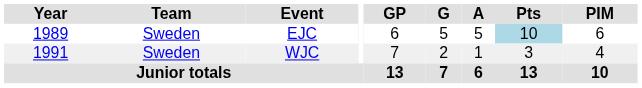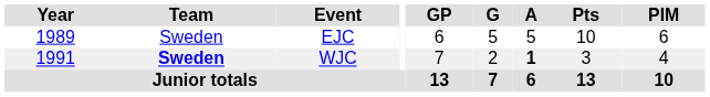 <table border="0" cellpadding="1" cellspacing="0" ID="Table3" style="text-align:center; width:40em">
 <tr bgcolor="#e0e0e0">
 <th>Year</th>
 <th>Team</th>
 <th>Event</th>
 <th rowspan="102" bgcolor="#ffffff"></th>
 <th>GP</th>
 <th>G</th>
 <th>A</th>
 <th>Pts</th>
 <th>PIM</th>
 </tr>
 <tr>
 <td><a href='#'>1989</a></td>
 <td><a href='#'>Sweden</a></td>
 <td><a href='#'>EJC</a></td>
 <td>6</td>
 <td>5</td>
 <td>5</td>
-<td style="background: lightblue;">10</td>
+<td>10</td>
 <td>6</td>
 </tr>
 <tr bgcolor="#f0f0f0">
 <td><a href='#'>1991</a></td>
-<td><a href='#'>Sweden</a></td>
+<td><strong><a href='#'>Sweden</a></strong></td>
 <td><a href='#'>WJC</a></td>
 <td>7</td>
 <td>2</td>
-<td>1</td>
+<td><strong>1</strong></td>
 <td>3</td>
 <td>4</td>
 </tr>
 <tr bgcolor="#e0e0e0">
 <th colspan="4">Junior totals</th>
 <th>13</th>
 <th>7</th>
 <th>6</th>
 <th>13</th>
 <th>10</th>
 </tr>
 </table>
